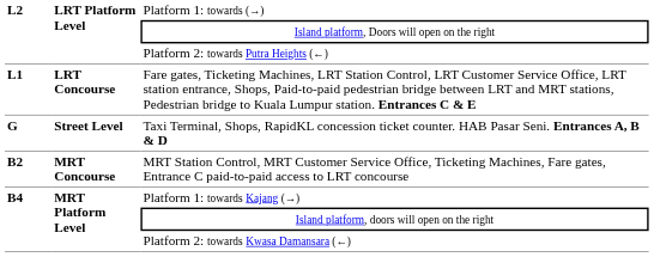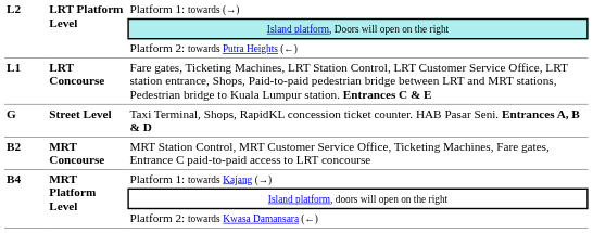 <table border=0 cellspacing=0 cellpadding=3>
 <tr>
 <td style="border-bottom:solid 1px gray;" rowspan=3 valign=top><strong>L2</strong></td>
 <td style="border-bottom:solid 1px gray;" rowspan=3 valign=top><strong>LRT Platform Level</strong></td>
 <td>Platform 1:   <small>towards   (→)</small></td>
 </tr>
 <tr>
-<td style="border: 2px solid black; border-image: none; text-align: center;"><small><a href='#'>Island platform</a>, Doors will open on the right</small></td>
+<td style="background: paleturquoise; border: 2px solid black; border-image: none; text-align: center;"><small><a href='#'>Island platform</a>, Doors will open on the right</small></td>
 </tr>
 <tr>
 <td style="border-bottom:solid 1px gray;">Platform 2:   <small>towards <a href='#'> Putra Heights</a> (←)</small></td>
 </tr>
 <tr>
 <td style="border-bottom:solid 1px gray;" width=50 valign=top><strong>L1</strong></td>
 <td style="border-bottom:solid 1px gray;" width=100 valign=top><strong>LRT Concourse</strong></td>
 <td style="border-bottom:solid 1px gray;" width=400 valign=top>Fare gates, Ticketing Machines, LRT Station Control, LRT Customer Service Office, LRT station entrance, Shops, Paid-to-paid pedestrian bridge between LRT and MRT stations, Pedestrian bridge to  Kuala Lumpur station. <strong>Entrances C & E</strong></td>
 </tr>
 <tr>
 <td style="border-bottom:solid 1px gray;" valign=top><strong>G</strong></td>
 <td style="border-bottom:solid 1px gray;" width=100 valign=top><strong>Street Level</strong></td>
 <td style="border-bottom:solid 1px gray;" width=400 valign=top>Taxi Terminal, Shops, RapidKL concession ticket counter. HAB Pasar Seni. <strong>Entrances A, B & D</strong></td>
 </tr>
 <tr>
 <td style="border-bottom:solid 1px gray;" valign=top><strong>B2</strong></td>
 <td style="border-bottom:solid 1px gray;" width=100 valign=top><strong>MRT Concourse</strong></td>
 <td style="border-bottom:solid 1px gray;" width=400 valign=top>MRT Station Control, MRT Customer Service Office, Ticketing Machines, Fare gates, Entrance C paid-to-paid access to LRT concourse</td>
 </tr>
 <tr>
 <td style="border-bottom:solid 1px gray;" rowspan=3 valign=top><strong>B4</strong></td>
 <td style="border-bottom:solid 1px gray;" rowspan=3 valign=top><strong>MRT Platform Level</strong></td>
 <td width=600>Platform 1:   <small>towards</small> <small> <a href='#'>Kajang</a> (→)</small></td>
 </tr>
 <tr>
 <td style="border: 2px solid black; border-image: none; text-align: center;"><small><a href='#'>Island platform</a>, doors will open on the right</small></td>
 </tr>
 <tr>
 <td style="border-bottom:solid 1px gray;">Platform 2:   <small>towards</small> <small> <a href='#'>Kwasa Damansara</a> (←)</small></td>
 </tr>
 </table>
